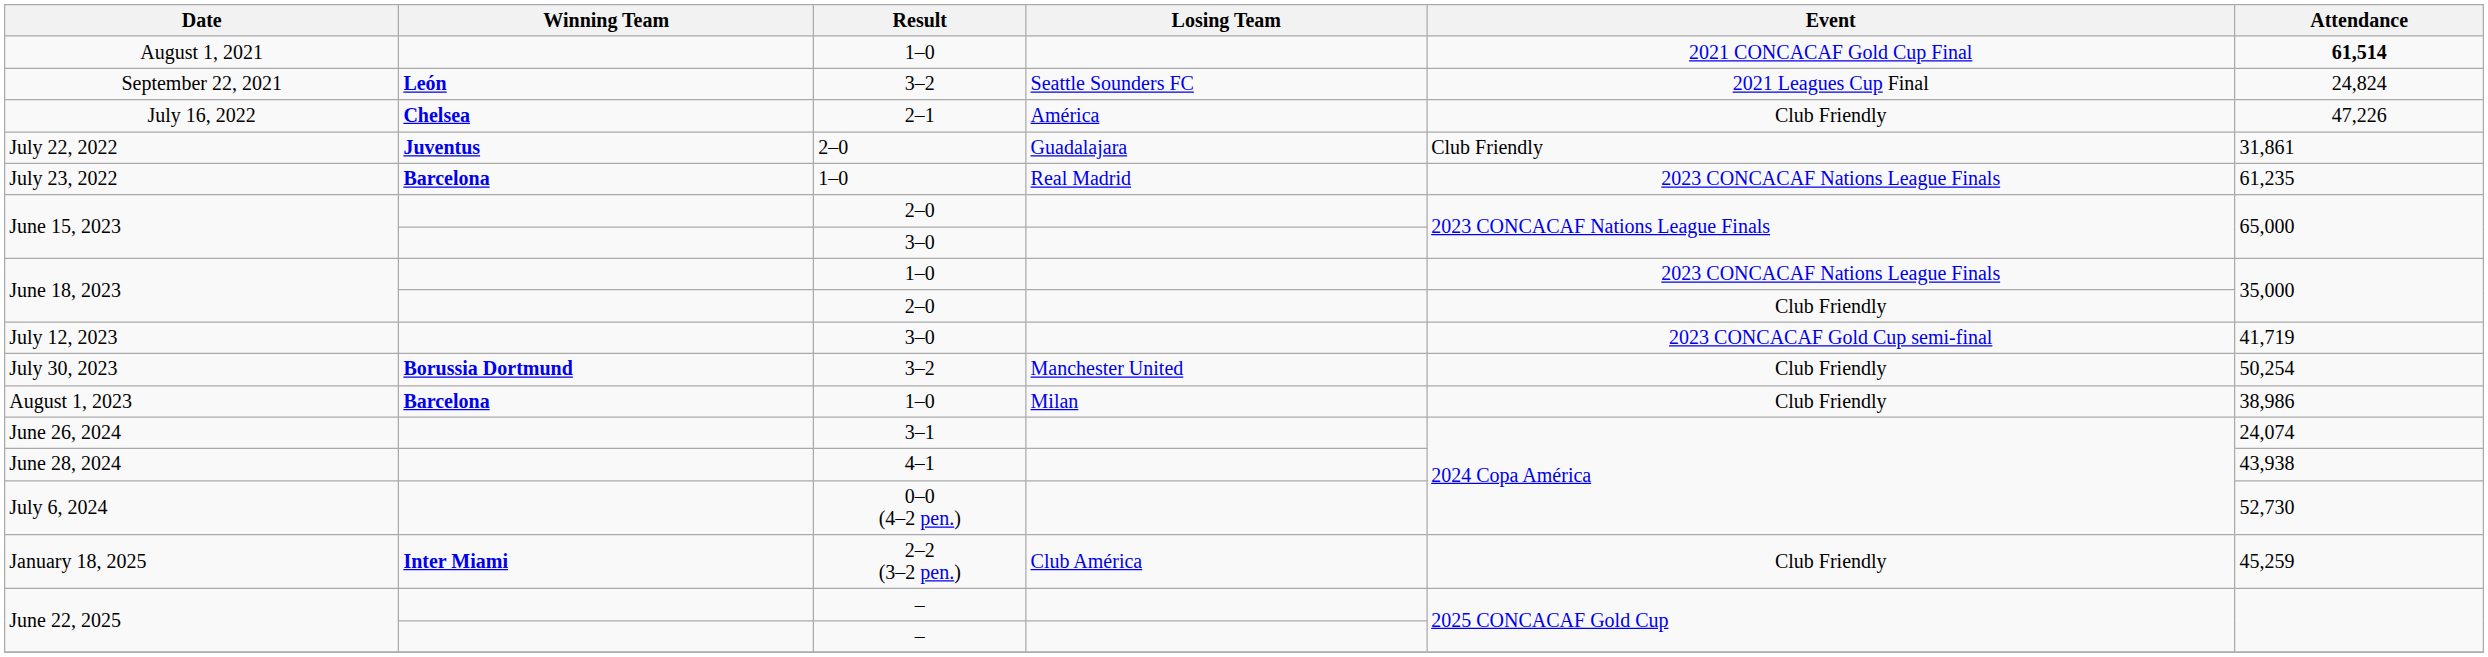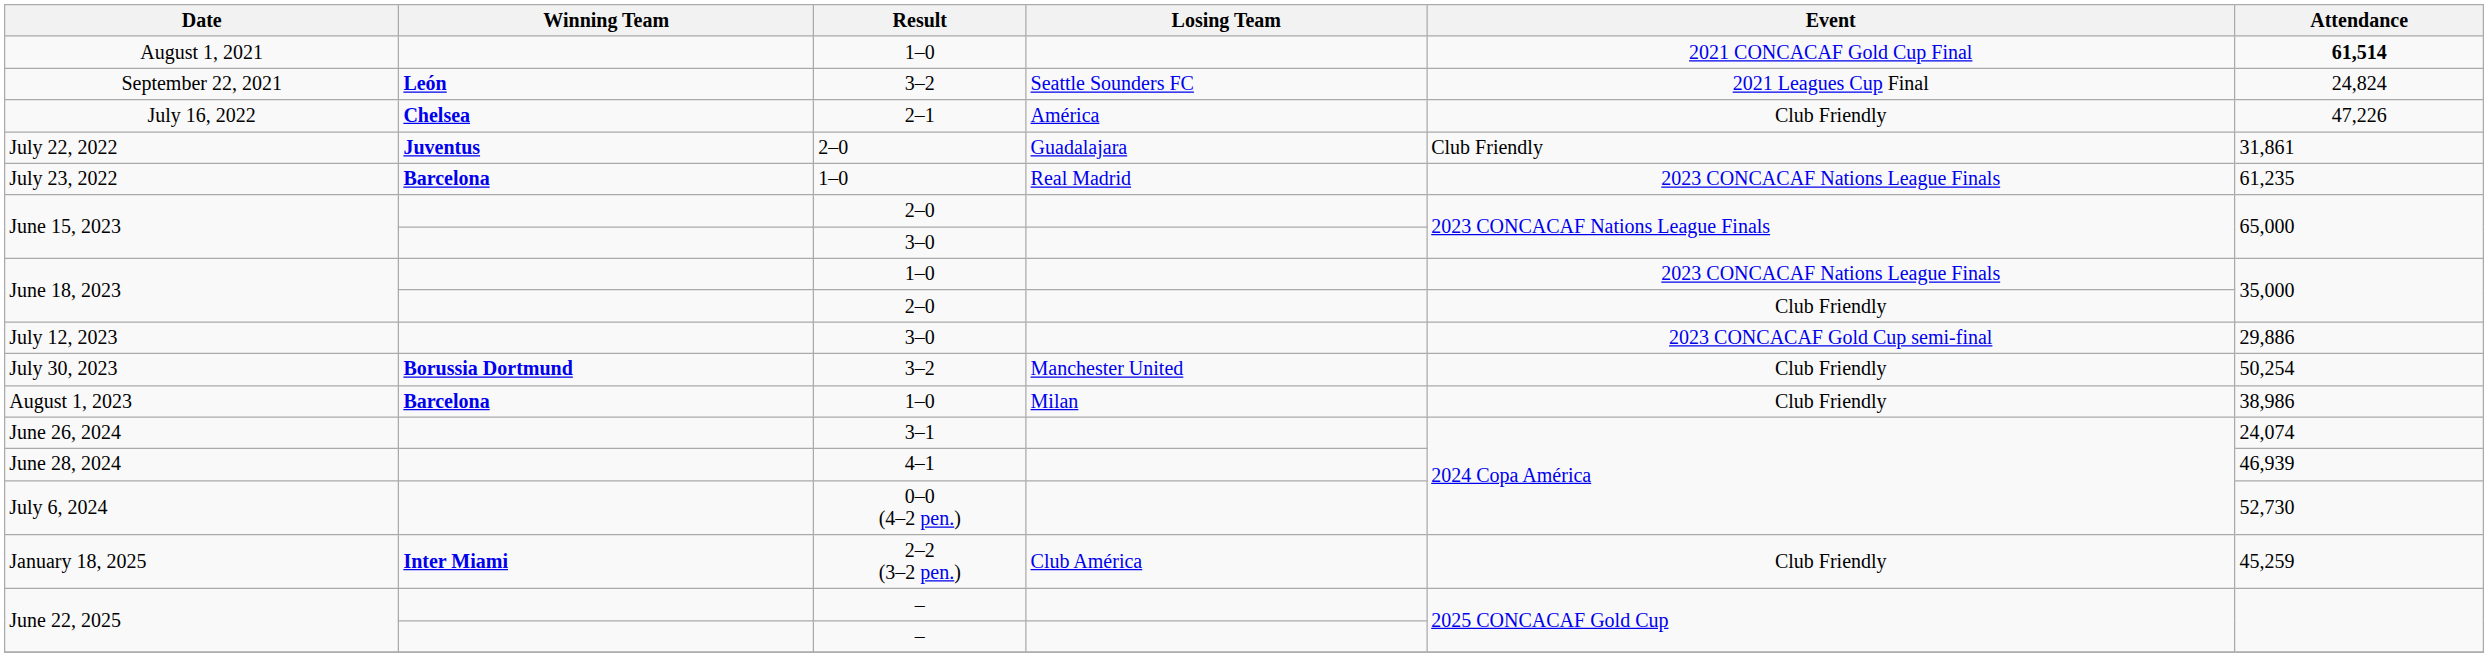 <table class="wikitable" style="text-align:left; width:100%;" style="text-align:center">
 <tr>
 <th style="text-align:center;">Date</th>
 <th style="text-align:center;">Winning Team</th>
 <th style="text-align:center;">Result</th>
 <th style="text-align:center;">Losing Team</th>
 <th style="text-align:center;">Event</th>
 <th style="text-align:center;">Attendance</th>
 </tr>
 <tr>
 <td style="text-align:center;">August 1, 2021</td>
 <td><strong></strong></td>
 <td style="text-align:center;">1–0<br></td>
 <td></td>
 <td style="text-align:center;"><a href='#'>2021 CONCACAF Gold Cup Final</a></td>
 <td style="text-align:center;"><strong>61,514</strong></td>
 </tr>
 <tr>
 <td style="text-align:center;">September 22, 2021</td>
 <td><strong> <a href='#'>León</a></strong></td>
 <td style="text-align:center;">3–2</td>
 <td> <a href='#'>Seattle Sounders FC</a></td>
 <td style="text-align:center;"><a href='#'>2021 Leagues Cup</a> Final</td>
 <td style="text-align:center;">24,824</td>
 </tr>
 <tr>
 <td style="text-align:center;">July 16, 2022</td>
 <td><strong> <a href='#'>Chelsea</a></strong></td>
 <td style="text-align:center;">2–1</td>
 <td> <a href='#'>América</a></td>
 <td style="text-align:center;">Club Friendly</td>
 <td style="text-align:center;">47,226</td>
 </tr>
 <tr>
 <td>July 22, 2022</td>
 <td><strong> <a href='#'>Juventus</a></strong></td>
 <td>2–0</td>
 <td> <a href='#'>Guadalajara</a></td>
 <td>Club Friendly</td>
 <td>31,861</td>
 </tr>
 <tr>
 <td>July 23, 2022</td>
 <td><strong> <a href='#'>Barcelona</a></strong></td>
 <td>1–0</td>
 <td> <a href='#'>Real Madrid</a></td>
 <td style="text-align:center;"><a href='#'>2023 CONCACAF Nations League Finals</a></td>
 <td>61,235</td>
 </tr>
 <tr>
 <td rowspan="2">June 15, 2023</td>
 <td><strong></strong></td>
 <td style="text-align:center;">2–0</td>
 <td></td>
 <td rowspan="2"><a href='#'>2023 CONCACAF Nations League Finals</a></td>
 <td rowspan="2">65,000</td>
 </tr>
 <tr>
 <td><strong></strong></td>
 <td style="text-align:center;">3–0</td>
 <td></td>
 </tr>
 <tr>
 <td rowspan="2">June 18, 2023</td>
 <td><strong></strong></td>
 <td style="text-align:center;">1–0</td>
 <td></td>
 <td style="text-align:center;"><a href='#'>2023 CONCACAF Nations League Finals</a></td>
 <td rowspan="2">35,000</td>
 </tr>
 <tr>
 <td><strong></strong></td>
 <td style="text-align:center;">2–0</td>
 <td></td>
 <td style="text-align:center;">Club Friendly</td>
 </tr>
 <tr>
 <td>July 12, 2023</td>
 <td><strong></strong></td>
 <td style="text-align:center;">3–0</td>
 <td></td>
 <td style="text-align:center;"><a href='#'>2023 CONCACAF Gold Cup semi-final</a></td>
-<td>41,719</td>
+<td>29,886</td>
 </tr>
 <tr>
 <td>July 30, 2023</td>
 <td> <strong><a href='#'>Borussia Dortmund</a></strong></td>
 <td style="text-align:center;">3–2</td>
 <td> <a href='#'>Manchester United</a></td>
 <td style="text-align:center;">Club Friendly</td>
 <td>50,254</td>
 </tr>
 <tr>
 <td>August 1, 2023</td>
 <td> <strong><a href='#'>Barcelona</a></strong></td>
 <td style="text-align:center;">1–0</td>
 <td> <a href='#'>Milan</a></td>
 <td style="text-align:center;">Club Friendly</td>
 <td>38,986</td>
 </tr>
 <tr>
 <td>June 26, 2024</td>
 <td><strong></strong></td>
 <td style="text-align:center;">3–1</td>
 <td></td>
 <td rowspan="3"><a href='#'>2024 Copa América</a></td>
 <td>24,074</td>
 </tr>
 <tr>
 <td>June 28, 2024</td>
 <td><strong></strong></td>
 <td style="text-align:center;">4–1</td>
 <td></td>
-<td>43,938</td>
+<td>46,939</td>
 </tr>
 <tr>
 <td>July 6, 2024</td>
 <td><strong></strong></td>
 <td style="text-align:center;">0–0<br>(4–2 <a href='#'>pen.</a>)</td>
 <td></td>
 <td>52,730</td>
 </tr>
 <tr>
 <td>January 18, 2025</td>
 <td><strong> <a href='#'>Inter Miami</a></strong></td>
 <td style="text-align:center;">2–2<br>(3–2 <a href='#'>pen.</a>)</td>
 <td> <a href='#'>Club América</a></td>
 <td style="text-align:center;">Club Friendly</td>
 <td>45,259</td>
 </tr>
 <tr>
 <td rowspan=2>June 22, 2025</td>
 <td></td>
 <td style="text-align:center;">–</td>
 <td></td>
 <td rowspan=2><a href='#'>2025 CONCACAF Gold Cup</a></td>
 <td rowspan=2></td>
 </tr>
 <tr>
 <td></td>
 <td style="text-align:center;">–</td>
 <td></td>
 </tr>
 <tr>
 </tr>
 </table>
